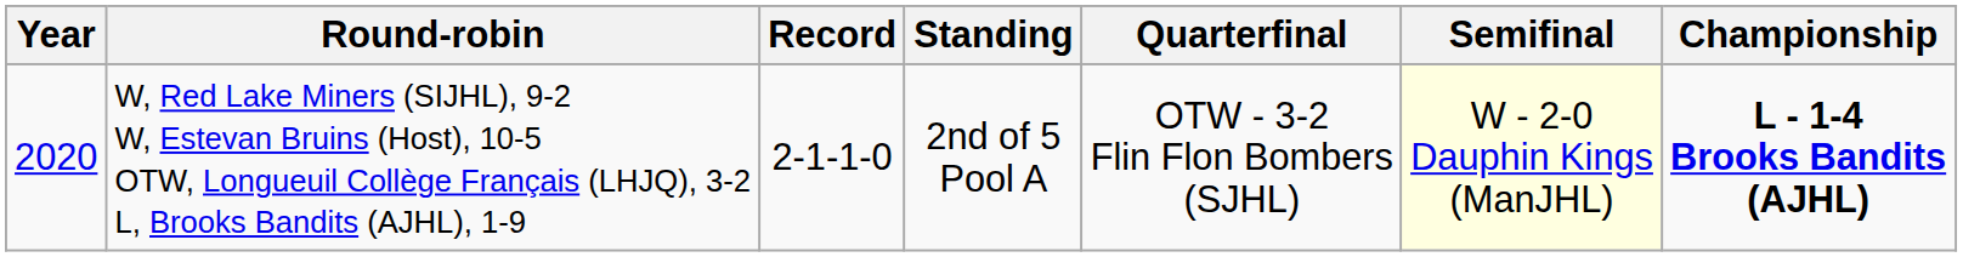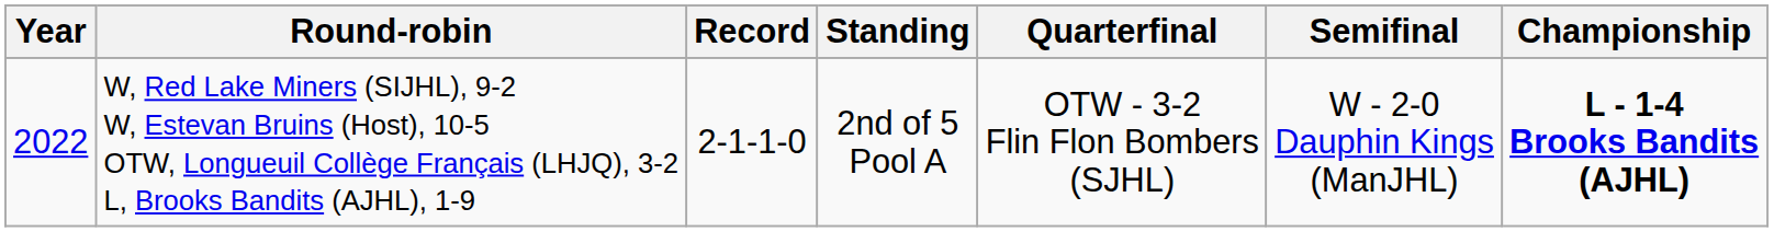 <table class="wikitable" style="text-align:center;">
 <tr>
 <th>Year</th>
 <th>Round-robin</th>
 <th>Record</th>
 <th>Standing</th>
 <th>Quarterfinal</th>
 <th>Semifinal</th>
 <th>Championship</th>
 </tr>
 <tr>
-<td><a href='#'>2020</a></td>
+<td><a href='#'>2022</a></td>
 <td align=left><small>W, <a href='#'>Red Lake Miners</a> (SIJHL), 9-2<br>W, <a href='#'>Estevan Bruins</a> (Host), 10-5<br>OTW, <a href='#'>Longueuil Collège Français</a> (LHJQ), 3-2<br>L, <a href='#'>Brooks Bandits</a> (AJHL), 1-9</small></td>
 <td>2-1-1-0</td>
 <td>2nd of 5 <br>Pool A</td>
 <td>OTW - 3-2<br>Flin Flon Bombers<br>(SJHL)</td>
-<td style="background: lightyellow;">W - 2-0<br><a href='#'>Dauphin Kings</a><br>(ManJHL)</td>
+<td>W - 2-0<br><a href='#'>Dauphin Kings</a><br>(ManJHL)</td>
 <td><strong>L - 1-4<br><a href='#'>Brooks Bandits</a><br>(AJHL)</strong></td>
 </tr>
 </table>
